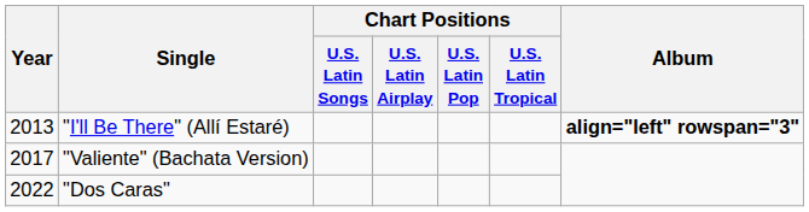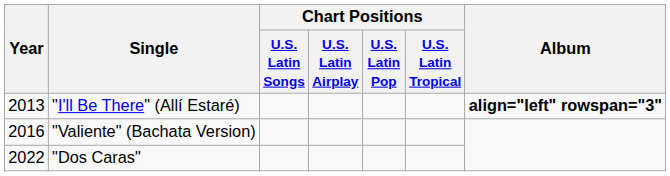 <table class="wikitable">
 <tr>
 <th rowspan="2">Year</th>
 <th rowspan="2">Single</th>
 <th colspan="4">Chart Positions</th>
 <th rowspan="2">Album</th>
 </tr>
 <tr>
 <th width="35"><small><a href='#'>U.S. Latin Songs</a></small></th>
 <th width="35"><small><a href='#'>U.S. Latin Airplay</a></small></th>
 <th width="35"><small><a href='#'>U.S. Latin Pop</a></small></th>
 <th width="35"><small><a href='#'>U.S. Latin Tropical</a></small></th>
 </tr>
 <tr>
 <td>2013</td>
 <td>"<a href='#'>I'll Be There</a>" (Allí Estaré) </td>
 <td></td>
 <td></td>
 <td></td>
 <td></td>
 <td><strong>align="left" rowspan="3" <em></em></strong></td>
 </tr>
 <tr>
-<td>2017</td>
+<td>2016</td>
 <td>"Valiente" (Bachata Version) </td>
 <td></td>
 <td></td>
 <td></td>
 <td></td>
 </tr>
 <tr>
 <td>2022</td>
 <td>"Dos Caras" </td>
 <td></td>
 <td></td>
 <td></td>
 <td></td>
 </tr>
 </table>
